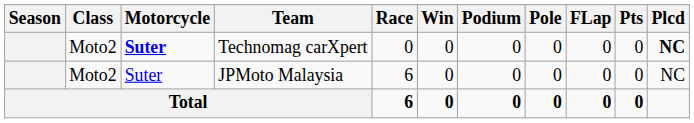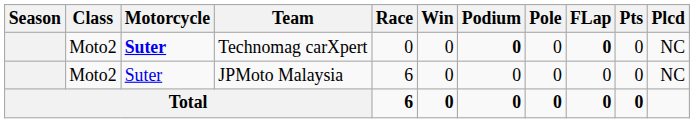 <table class="wikitable" style=text-align:right;">
 <tr>
 <th>Season</th>
 <th>Class</th>
 <th>Motorcycle</th>
 <th>Team</th>
 <th>Race</th>
 <th>Win</th>
 <th>Podium</th>
 <th>Pole</th>
 <th>FLap</th>
 <th>Pts</th>
 <th>Plcd</th>
 </tr>
 <tr>
 <th></th>
 <td>Moto2</td>
 <td style="text-align:left;"><strong><a href='#'>Suter</a></strong></td>
 <td style="text-align:left;">Technomag carXpert</td>
 <td>0</td>
 <td>0</td>
+<td><strong>0</strong></td>
 <td>0</td>
+<td><strong>0</strong></td>
 <td>0</td>
-<td>0</td>
-<td>0</td>
-<td><strong>NC</strong></td>
+<td>NC</td>
 </tr>
 <tr>
 <th></th>
 <td>Moto2</td>
 <td style="text-align:left;"><a href='#'>Suter</a></td>
 <td style="text-align:left;">JPMoto Malaysia</td>
 <td>6</td>
 <td>0</td>
 <td>0</td>
 <td>0</td>
 <td>0</td>
 <td>0</td>
 <td>NC</td>
 </tr>
 <tr>
 <th colspan="4">Total</th>
 <td><strong>6</strong></td>
 <td><strong>0</strong></td>
 <td><strong>0</strong></td>
 <td><strong>0</strong></td>
 <td><strong>0</strong></td>
 <td><strong>0</strong></td>
 <td></td>
 </tr>
 </table>
